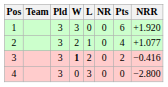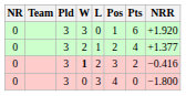 <table class="wikitable">
 <tr>
-<th>Pos</th>
+<th>NR</th>
 <th>Team</th>
 <th>Pld</th>
 <th>W</th>
 <th>L</th>
-<th>NR</th>
+<th>Pos</th>
 <th>Pts</th>
 <th>NRR</th>
 </tr>
 <tr align="center" bgcolor=ccffcc>
-<td>1</td>
+<td>0</td>
 <td align="left"></td>
 <td>3</td>
 <td>3</td>
 <td>0</td>
-<td>0</td>
+<td>1</td>
 <td>6</td>
 <td>+1.920</td>
 </tr>
 <tr align="center" bgcolor=ccffcc>
-<td>2</td>
+<td>0</td>
 <td align="left"></td>
 <td>3</td>
 <td>2</td>
 <td>1</td>
-<td>0</td>
+<td>2</td>
 <td>4</td>
-<td>+1.077</td>
+<td>+1.377</td>
 </tr>
 <tr align="center" bgcolor=ffcccc>
-<td>3</td>
+<td>0</td>
 <td align="left"></td>
 <td>3</td>
 <td><strong>1</strong></td>
 <td>2</td>
-<td>0</td>
+<td>3</td>
 <td>2</td>
 <td>−0.416</td>
 </tr>
 <tr align="center" bgcolor=ffcccc>
-<td>4</td>
+<td>0</td>
 <td align="left"></td>
 <td>3</td>
 <td>0</td>
 <td>3</td>
+<td>4</td>
 <td>0</td>
-<td>0</td>
-<td>−2.800</td>
+<td>−1.800</td>
 </tr>
 </table>
